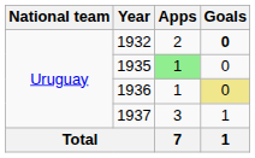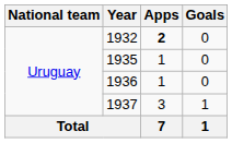 <table class="wikitable" style="text-align:center">
 <tr>
 <th>National team</th>
 <th>Year</th>
 <th>Apps</th>
 <th>Goals</th>
 </tr>
 <tr>
 <td rowspan="4"><a href='#'>Uruguay</a></td>
 <td>1932</td>
-<td>2</td>
-<td><strong>0</strong></td>
+<td><strong>2</strong></td>
+<td>0</td>
 </tr>
 <tr>
 <td>1935</td>
-<td style="background: lightgreen;">1</td>
+<td>1</td>
 <td>0</td>
 </tr>
 <tr>
 <td>1936</td>
 <td>1</td>
-<td style="background: khaki;">0</td>
+<td>0</td>
 </tr>
 <tr>
 <td>1937</td>
 <td>3</td>
 <td>1</td>
 </tr>
 <tr>
 <th colspan=2>Total</th>
 <th>7</th>
 <th>1</th>
 </tr>
 </table>
